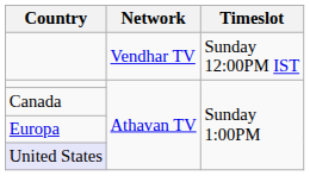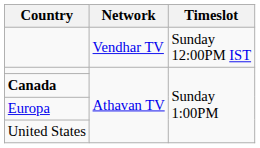 <table class="wikitable">
 <tr>
 <th>Country</th>
 <th>Network</th>
 <th>Timeslot</th>
 </tr>
 <tr>
 <td></td>
 <td><a href='#'>Vendhar TV</a></td>
 <td>Sunday <br> 12:00PM <a href='#'>IST</a></td>
 </tr>
 <tr>
 <td></td>
 <td rowspan="4"><a href='#'>Athavan TV</a></td>
 <td rowspan="4">Sunday <br> 1:00PM</td>
 </tr>
 <tr>
-<td> Canada</td>
+<td><strong> Canada</strong></td>
 </tr>
 <tr>
 <td> <a href='#'>Europa</a></td>
 </tr>
 <tr>
-<td style="background: lavender;"> United States</td>
+<td> United States</td>
 </tr>
 </table>
